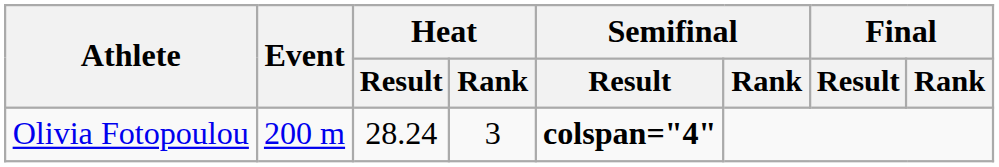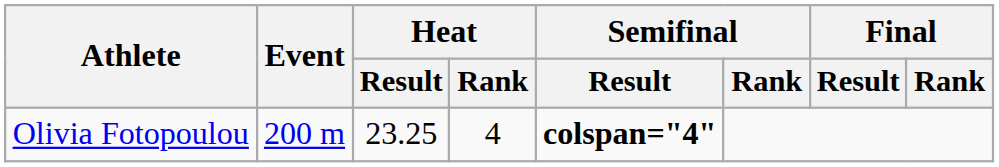 <table class="wikitable" style="font-size:90%">
 <tr>
 <th rowspan="2">Athlete</th>
 <th rowspan="2">Event</th>
 <th colspan="2">Heat</th>
 <th colspan="2">Semifinal</th>
 <th colspan="2">Final</th>
 </tr>
 <tr style="font-size:95%">
 <th>Result</th>
 <th>Rank</th>
 <th>Result</th>
 <th>Rank</th>
 <th>Result</th>
 <th>Rank</th>
 </tr>
 <tr align=center>
 <td align=left><a href='#'>Olivia Fotopoulou</a></td>
 <td align=left><a href='#'>200 m</a></td>
-<td>28.24</td>
-<td>3</td>
+<td>23.25</td>
+<td>4</td>
 <td><strong>colspan="4" </strong></td>
 </tr>
 </table>
